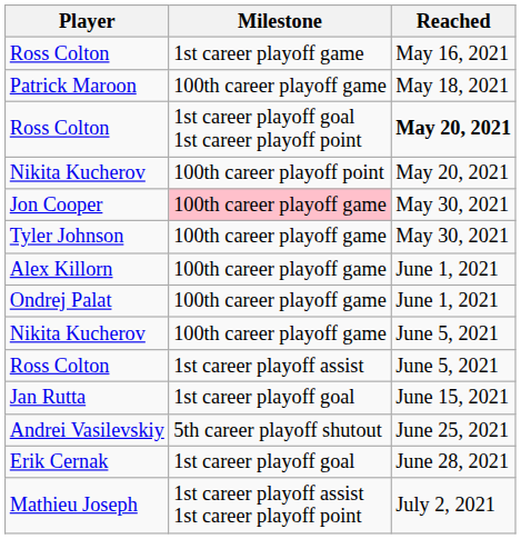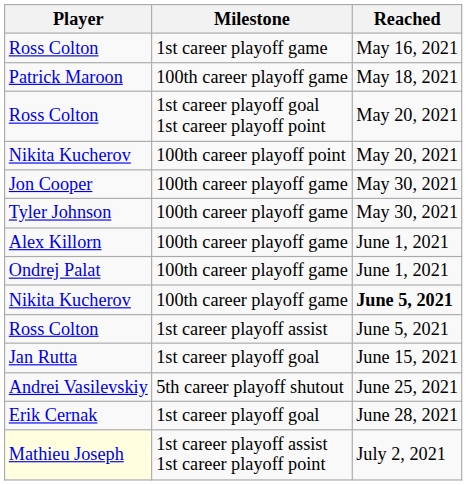 <table class="wikitable sortable">
 <tr align=center>
 <th>Player</th>
 <th>Milestone</th>
 <th data-sort-type="date">Reached</th>
 </tr>
 <tr>
 <td><a href='#'>Ross Colton</a></td>
 <td>1st career playoff game</td>
 <td>May 16, 2021</td>
 </tr>
 <tr>
 <td><a href='#'>Patrick Maroon</a></td>
 <td>100th career playoff game</td>
 <td>May 18, 2021</td>
 </tr>
 <tr>
 <td><a href='#'>Ross Colton</a></td>
 <td>1st career playoff goal<br>1st career playoff point</td>
-<td><strong>May 20, 2021</strong></td>
+<td>May 20, 2021</td>
 </tr>
 <tr>
 <td><a href='#'>Nikita Kucherov</a></td>
 <td>100th career playoff point</td>
 <td>May 20, 2021</td>
 </tr>
 <tr>
 <td><a href='#'>Jon Cooper</a></td>
-<td style="background: pink;">100th career playoff game</td>
+<td>100th career playoff game</td>
 <td>May 30, 2021</td>
 </tr>
 <tr>
 <td><a href='#'>Tyler Johnson</a></td>
 <td>100th career playoff game</td>
 <td>May 30, 2021</td>
 </tr>
 <tr>
 <td><a href='#'>Alex Killorn</a></td>
 <td>100th career playoff game</td>
 <td>June 1, 2021</td>
 </tr>
 <tr>
 <td><a href='#'>Ondrej Palat</a></td>
 <td>100th career playoff game</td>
 <td>June 1, 2021</td>
 </tr>
 <tr>
 <td><a href='#'>Nikita Kucherov</a></td>
 <td>100th career playoff game</td>
-<td>June 5, 2021</td>
+<td><strong>June 5, 2021</strong></td>
 </tr>
 <tr>
 <td><a href='#'>Ross Colton</a></td>
 <td>1st career playoff assist</td>
 <td>June 5, 2021</td>
 </tr>
 <tr>
 <td><a href='#'>Jan Rutta</a></td>
 <td>1st career playoff goal</td>
 <td>June 15, 2021</td>
 </tr>
 <tr>
 <td><a href='#'>Andrei Vasilevskiy</a></td>
 <td>5th career playoff shutout</td>
 <td>June 25, 2021</td>
 </tr>
 <tr>
 <td><a href='#'>Erik Cernak</a></td>
 <td>1st career playoff goal</td>
 <td>June 28, 2021</td>
 </tr>
 <tr>
-<td><a href='#'>Mathieu Joseph</a></td>
+<td style="background: lightyellow;"><a href='#'>Mathieu Joseph</a></td>
 <td>1st career playoff assist<br>1st career playoff point</td>
 <td>July 2, 2021</td>
 </tr>
 </table>
